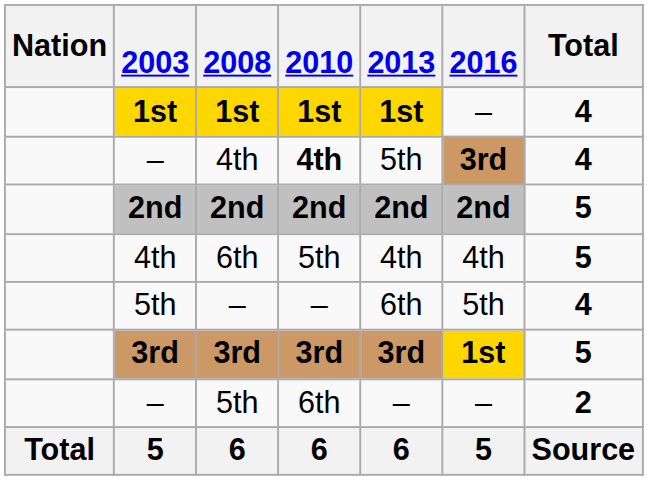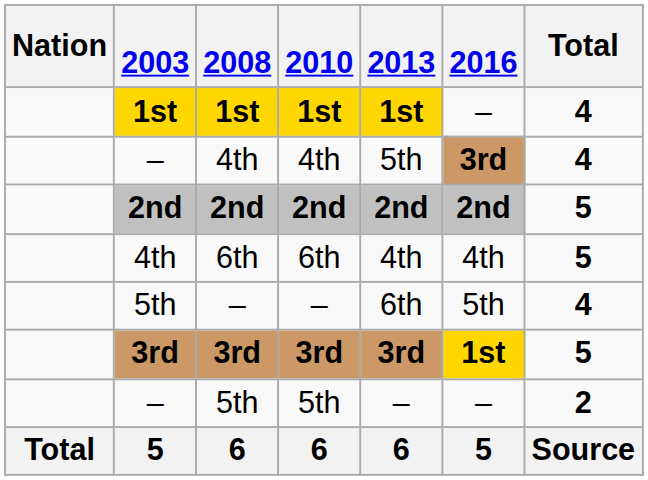 <table class="wikitable" style="text-align:center">
 <tr>
 <th>Nation</th>
 <th><br><a href='#'>2003</a></th>
 <th><br><a href='#'>2008</a></th>
 <th><br><a href='#'>2010</a></th>
 <th><br><a href='#'>2013</a></th>
 <th><br><a href='#'>2016</a></th>
 <th>Total</th>
 </tr>
 <tr>
 <td align=left></td>
 <td bgcolor=gold><strong>1st</strong></td>
 <td bgcolor=gold><strong>1st</strong></td>
 <td bgcolor=gold><strong>1st</strong></td>
 <td bgcolor=gold><strong>1st</strong></td>
 <td>–</td>
 <td><strong>4</strong></td>
 </tr>
 <tr>
 <td align=left></td>
 <td>–</td>
 <td>4th</td>
-<td><strong>4th</strong></td>
+<td>4th</td>
 <td>5th</td>
 <td bgcolor=cc9966><strong>3rd</strong></td>
 <td><strong>4</strong></td>
 </tr>
 <tr>
 <td align=left></td>
 <td bgcolor=silver><strong>2nd</strong></td>
 <td bgcolor=silver><strong>2nd</strong></td>
 <td bgcolor=silver><strong>2nd</strong></td>
 <td bgcolor=silver><strong>2nd</strong></td>
 <td bgcolor=silver><strong>2nd</strong></td>
 <td><strong>5</strong></td>
 </tr>
 <tr>
 <td align=left></td>
 <td>4th</td>
 <td>6th</td>
-<td>5th</td>
+<td>6th</td>
 <td>4th</td>
 <td>4th</td>
 <td><strong>5</strong></td>
 </tr>
 <tr>
 <td align=left></td>
 <td>5th</td>
 <td>–</td>
 <td>–</td>
 <td>6th</td>
 <td>5th</td>
 <td><strong>4</strong></td>
 </tr>
 <tr>
 <td align=left></td>
 <td bgcolor=cc9966><strong>3rd</strong></td>
 <td bgcolor=cc9966><strong>3rd</strong></td>
 <td bgcolor=cc9966><strong>3rd</strong></td>
 <td bgcolor=cc9966><strong>3rd</strong></td>
 <td bgcolor=gold><strong>1st</strong></td>
 <td><strong>5</strong></td>
 </tr>
 <tr>
 <td align=left></td>
 <td>–</td>
 <td>5th</td>
-<td>6th</td>
+<td>5th</td>
 <td>–</td>
 <td>–</td>
 <td><strong>2</strong></td>
 </tr>
 <tr>
 <th>Total</th>
 <th>5</th>
 <th>6</th>
 <th>6</th>
 <th>6</th>
 <th>5</th>
 <th>Source</th>
 </tr>
 </table>
